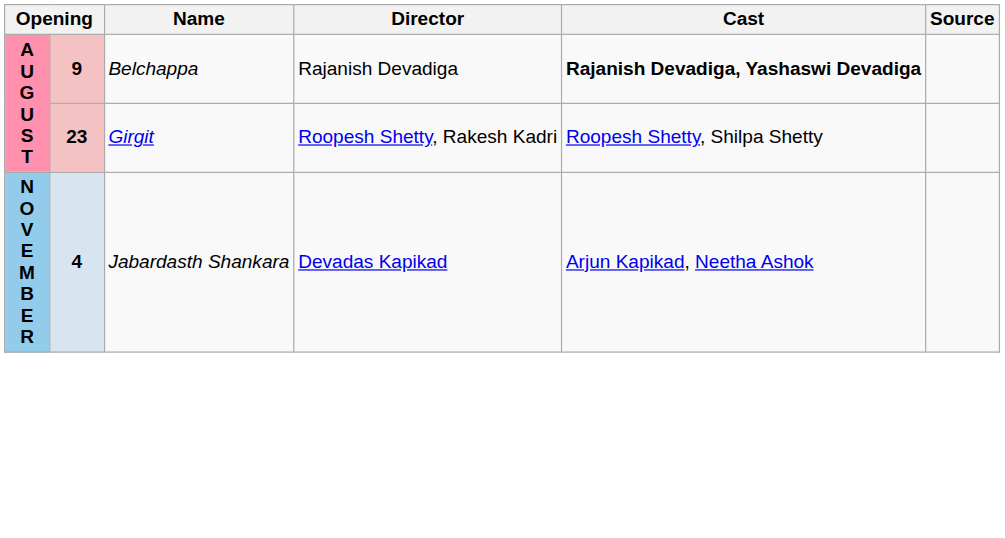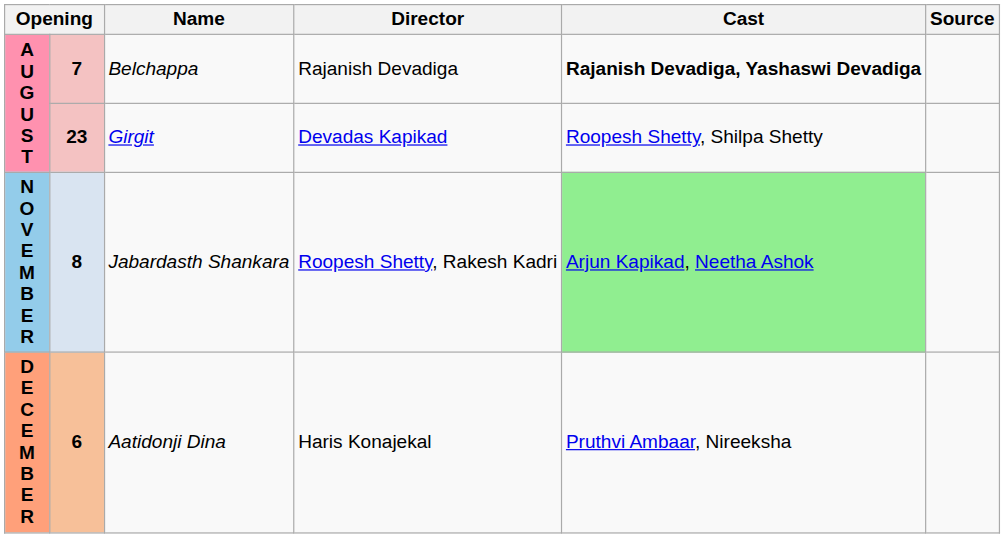 <table class="wikitable sortable">
 <tr>
 <th colspan="2" style="width:10%;">Opening</th>
 <th>Name</th>
 <th>Director</th>
 <th>Cast</th>
 <th>Source</th>
 </tr>
 <tr>
 <td rowspan="2" style="text-align:center; background:#ff91af; textcolor:#000;"><strong>A<br>U<br>G<br>U<br>S<br>T</strong></td>
-<td rowspan="1" style="text-align:center;background:#f4c2c2;"><strong>9</strong></td>
+<td rowspan="1" style="text-align:center;background:#f4c2c2;"><strong>7</strong></td>
 <td><em>Belchappa</em></td>
 <td>Rajanish Devadiga</td>
 <td><strong>Rajanish Devadiga, Yashaswi Devadiga</strong></td>
 <td><br></td>
 </tr>
 <tr>
 <td rowspan="1" style="text-align:center;background:#f4c2c2;"><strong>23</strong></td>
 <td><a href='#'><em>Girgit</em></a></td>
-<td><a href='#'>Roopesh Shetty</a>, Rakesh Kadri</td>
+<td><a href='#'>Devadas Kapikad</a></td>
 <td><a href='#'>Roopesh Shetty</a>, Shilpa Shetty</td>
 <td><br></td>
 </tr>
 <tr>
 <td rowspan="1" style="text-align:center; background:#93CCEA; textcolor:#000;"><strong>N<br>O<br>V<br>E<br>M<br>B<br>E<br>R</strong></td>
-<td rowspan="1" style="text-align:center;background:#d9e4f1;"><strong>4</strong></td>
+<td rowspan="1" style="text-align:center;background:#d9e4f1;"><strong>8</strong></td>
 <td><em>Jabardasth Shankara</em></td>
-<td><a href='#'>Devadas Kapikad</a></td>
-<td><a href='#'>Arjun Kapikad</a>, <a href='#'>Neetha Ashok</a></td>
+<td><a href='#'>Roopesh Shetty</a>, Rakesh Kadri</td>
+<td style="background: lightgreen;"><a href='#'>Arjun Kapikad</a>, <a href='#'>Neetha Ashok</a></td>
+<td><br></td>
+</tr>
+<tr>
+<td rowspan="1" style="text-align:center; background:#ffa07a; textcolor:#000;"><strong>D<br>E<br>C<br>E<br>M<br>B<br>E<br>R</strong></td>
+<td rowspan="1" style="text-align:center; textcolor:#000;background:#F7C099;"><strong>6</strong></td>
+<td><em>Aatidonji Dina</em></td>
+<td>Haris Konajekal</td>
+<td><a href='#'>Pruthvi Ambaar</a>, Nireeksha</td>
 <td><br></td>
 </tr>
 </table>
